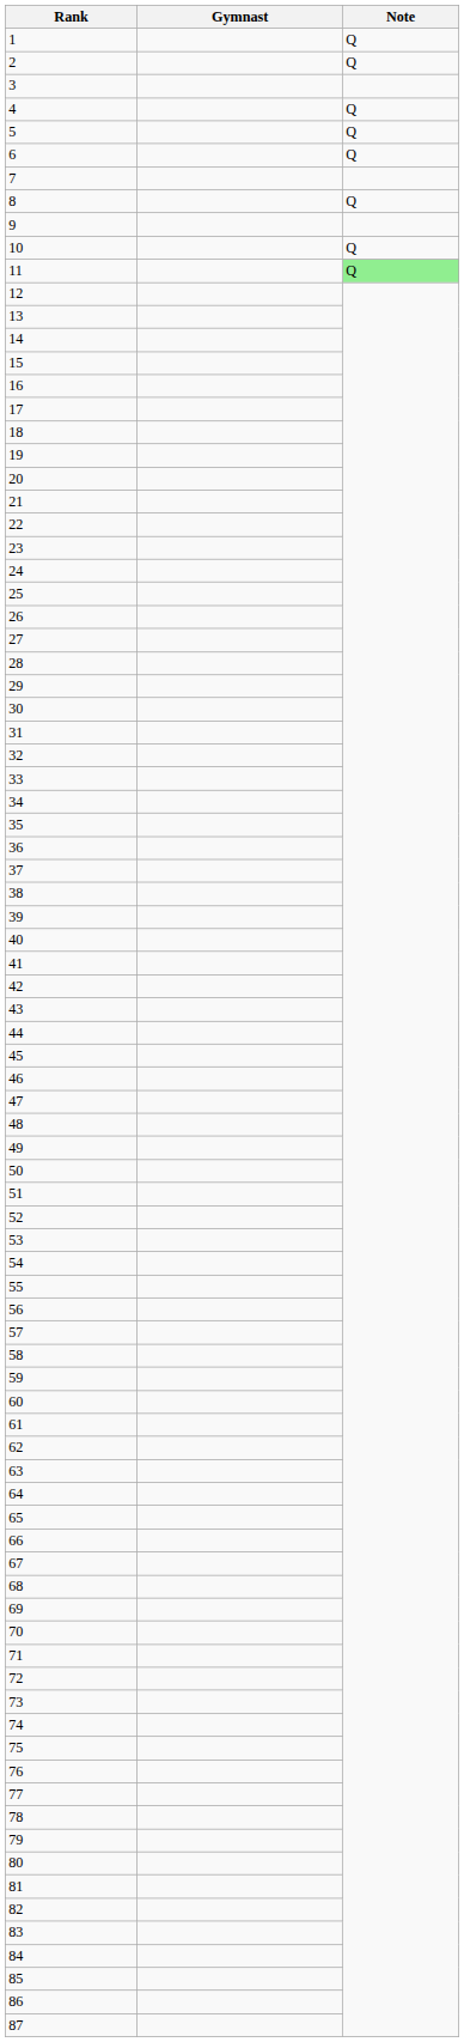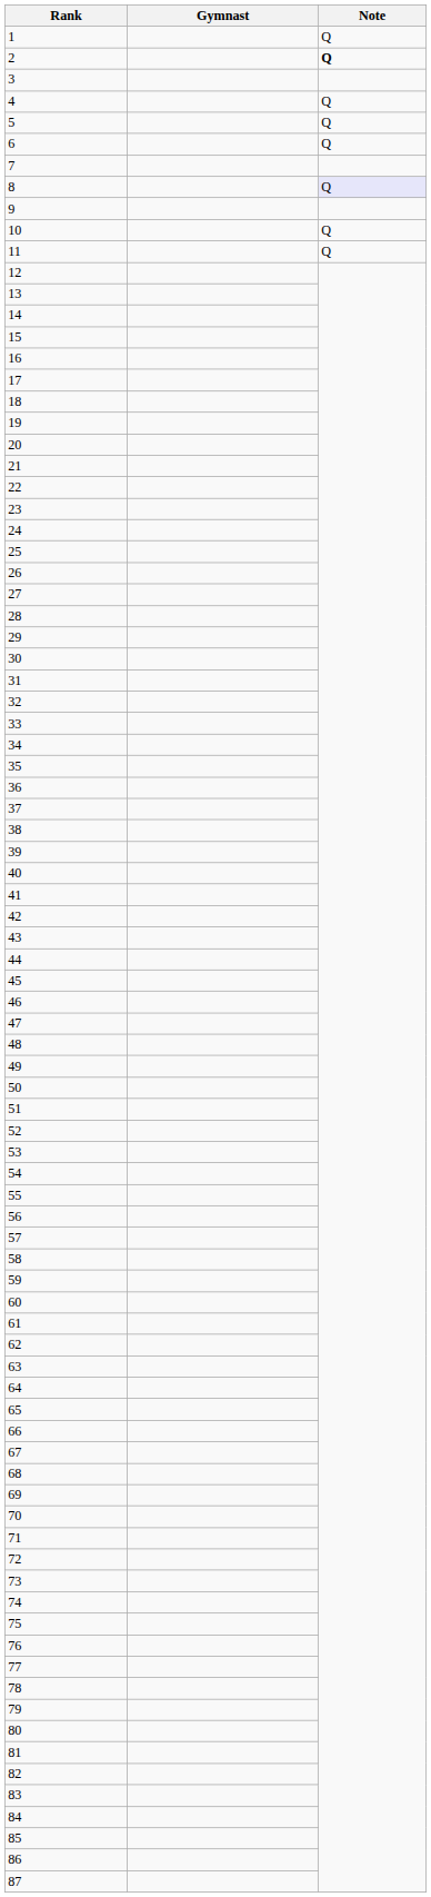 <table class="wikitable" width=500>
 <tr bgcolor="#efefef">
 <th>Rank</th>
 <th>Gymnast</th>
 <th>Note</th>
 </tr>
 <tr>
 <td>1</td>
 <td></td>
 <td>Q</td>
 </tr>
 <tr>
 <td>2</td>
 <td></td>
-<td>Q</td>
+<td><strong>Q</strong></td>
 </tr>
 <tr>
 <td>3</td>
 <td></td>
 </tr>
 <tr>
 <td>4</td>
 <td></td>
 <td>Q</td>
 </tr>
 <tr>
 <td>5</td>
 <td></td>
 <td>Q</td>
 </tr>
 <tr>
 <td>6</td>
 <td></td>
 <td>Q</td>
 </tr>
 <tr>
 <td>7</td>
 <td></td>
 </tr>
 <tr>
 <td>8</td>
 <td></td>
-<td>Q</td>
+<td style="background: lavender;">Q</td>
 </tr>
 <tr>
 <td>9</td>
 <td></td>
 </tr>
 <tr>
 <td>10</td>
 <td></td>
 <td>Q</td>
 </tr>
 <tr>
 <td>11</td>
 <td></td>
-<td style="background: lightgreen;">Q</td>
+<td>Q</td>
 </tr>
 <tr>
 <td>12</td>
 <td></td>
 </tr>
 <tr>
 <td>13</td>
 <td></td>
 </tr>
 <tr>
 <td>14</td>
 <td></td>
 </tr>
 <tr>
 <td>15</td>
 <td></td>
 </tr>
 <tr>
 <td>16</td>
 <td></td>
 </tr>
 <tr>
 <td>17</td>
 <td></td>
 </tr>
 <tr>
 <td>18</td>
 <td></td>
 </tr>
 <tr>
 <td>19</td>
 <td></td>
 </tr>
 <tr>
 <td>20</td>
 <td></td>
 </tr>
 <tr>
 <td>21</td>
 <td></td>
 </tr>
 <tr>
 <td>22</td>
 <td></td>
 </tr>
 <tr>
 <td>23</td>
 <td></td>
 </tr>
 <tr>
 <td>24</td>
 <td></td>
 </tr>
 <tr>
 <td>25</td>
 <td></td>
 </tr>
 <tr>
 <td>26</td>
 <td></td>
 </tr>
 <tr>
 <td>27</td>
 <td></td>
 </tr>
 <tr>
 <td>28</td>
 <td></td>
 </tr>
 <tr>
 <td>29</td>
 <td></td>
 </tr>
 <tr>
 <td>30</td>
 <td></td>
 </tr>
 <tr>
 <td>31</td>
 <td></td>
 </tr>
 <tr>
 <td>32</td>
 <td></td>
 </tr>
 <tr>
 <td>33</td>
 <td></td>
 </tr>
 <tr>
 <td>34</td>
 <td></td>
 </tr>
 <tr>
 <td>35</td>
 <td></td>
 </tr>
 <tr>
 <td>36</td>
 <td></td>
 </tr>
 <tr>
 <td>37</td>
 <td></td>
 </tr>
 <tr>
 <td>38</td>
 <td></td>
 </tr>
 <tr>
 <td>39</td>
 <td></td>
 </tr>
 <tr>
 <td>40</td>
 <td></td>
 </tr>
 <tr>
 <td>41</td>
 <td></td>
 </tr>
 <tr>
 <td>42</td>
 <td></td>
 </tr>
 <tr>
 <td>43</td>
 <td></td>
 </tr>
 <tr>
 <td>44</td>
 <td></td>
 </tr>
 <tr>
 <td>45</td>
 <td></td>
 </tr>
 <tr>
 <td>46</td>
 <td></td>
 </tr>
 <tr>
 <td>47</td>
 <td></td>
 </tr>
 <tr>
 <td>48</td>
 <td></td>
 </tr>
 <tr>
 <td>49</td>
 <td></td>
 </tr>
 <tr>
 <td>50</td>
 <td></td>
 </tr>
 <tr>
 <td>51</td>
 <td></td>
 </tr>
 <tr>
 <td>52</td>
 <td></td>
 </tr>
 <tr>
 <td>53</td>
 <td></td>
 </tr>
 <tr>
 <td>54</td>
 <td></td>
 </tr>
 <tr>
 <td>55</td>
 <td></td>
 </tr>
 <tr>
 <td>56</td>
 <td></td>
 </tr>
 <tr>
 <td>57</td>
 <td></td>
 </tr>
 <tr>
 <td>58</td>
 <td></td>
 </tr>
 <tr>
 <td>59</td>
 <td></td>
 </tr>
 <tr>
 <td>60</td>
 <td></td>
 </tr>
 <tr>
 <td>61</td>
 <td></td>
 </tr>
 <tr>
 <td>62</td>
 <td></td>
 </tr>
 <tr>
 <td>63</td>
 <td></td>
 </tr>
 <tr>
 <td>64</td>
 <td></td>
 </tr>
 <tr>
 <td>65</td>
 <td></td>
 </tr>
 <tr>
 <td>66</td>
 <td></td>
 </tr>
 <tr>
 <td>67</td>
 <td></td>
 </tr>
 <tr>
 <td>68</td>
 <td></td>
 </tr>
 <tr>
 <td>69</td>
 <td></td>
 </tr>
 <tr>
 <td>70</td>
 <td></td>
 </tr>
 <tr>
 <td>71</td>
 <td></td>
 </tr>
 <tr>
 <td>72</td>
 <td></td>
 </tr>
 <tr>
 <td>73</td>
 <td></td>
 </tr>
 <tr>
 <td>74</td>
 <td></td>
 </tr>
 <tr>
 <td>75</td>
 <td></td>
 </tr>
 <tr>
 <td>76</td>
 <td></td>
 </tr>
 <tr>
 <td>77</td>
 <td></td>
 </tr>
 <tr>
 <td>78</td>
 <td></td>
 </tr>
 <tr>
 <td>79</td>
 <td></td>
 </tr>
 <tr>
 <td>80</td>
 <td></td>
 </tr>
 <tr>
 <td>81</td>
 <td></td>
 </tr>
 <tr>
 <td>82</td>
 <td></td>
 </tr>
 <tr>
 <td>83</td>
 <td></td>
 </tr>
 <tr>
 <td>84</td>
 <td></td>
 </tr>
 <tr>
 <td>85</td>
 <td></td>
 </tr>
 <tr>
 <td>86</td>
 <td></td>
 </tr>
 <tr>
 <td>87</td>
 <td></td>
 </tr>
 </table>
